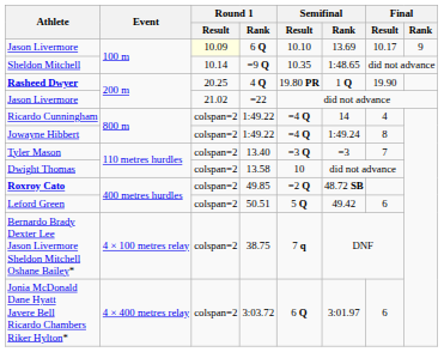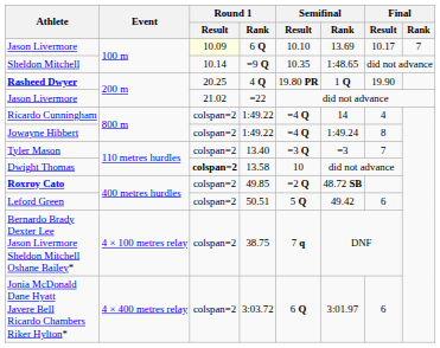 <table class=wikitable style="font-size:90%">
 <tr>
 <th rowspan="2">Athlete</th>
 <th rowspan="2">Event</th>
 <th colspan="2">Round 1</th>
 <th colspan="2">Semifinal</th>
 <th colspan="2">Final</th>
 </tr>
 <tr style="font-size:95%">
 <th>Result</th>
 <th>Rank</th>
 <th>Result</th>
 <th>Rank</th>
 <th>Result</th>
 <th>Rank</th>
 </tr>
 <tr align=center>
 <td align=left><a href='#'>Jason Livermore</a></td>
 <td align=left rowspan="2"><a href='#'>100 m</a></td>
 <td style="background: lightyellow;">10.09</td>
 <td>6 <strong>Q</strong></td>
 <td>10.10</td>
 <td>13.69</td>
 <td>10.17</td>
-<td>9</td>
+<td>7</td>
 </tr>
 <tr align=center>
 <td align=left><a href='#'>Sheldon Mitchell</a></td>
 <td>10.14</td>
 <td>=9 <strong>Q</strong></td>
 <td>10.35</td>
 <td>1:48.65</td>
 <td colspan=2>did not advance</td>
 </tr>
 <tr align=center>
 <td align=left><strong><a href='#'>Rasheed Dwyer</a></strong></td>
 <td align=left rowspan="2"><a href='#'>200 m</a></td>
 <td>20.25</td>
 <td>4 <strong>Q</strong></td>
 <td>19.80 <strong>PR</strong></td>
 <td>1 <strong>Q</strong></td>
 <td>19.90</td>
 <td></td>
 </tr>
 <tr align=center>
 <td align=left><a href='#'>Jason Livermore</a></td>
 <td>21.02</td>
 <td>=22</td>
 <td colspan=4>did not advance</td>
 </tr>
 <tr align=center>
 <td align=left><a href='#'>Ricardo Cunningham</a></td>
 <td align=left rowspan="2"><a href='#'>800 m</a></td>
 <td>colspan=2 </td>
 <td>1:49.22</td>
 <td>=4 <strong>Q</strong></td>
 <td>14</td>
 <td>4</td>
 </tr>
 <tr align=center>
 <td align=left><a href='#'>Jowayne Hibbert</a></td>
 <td>colspan=2 </td>
 <td>1:49.22</td>
 <td>=4 <strong>Q</strong></td>
 <td>1:49.24</td>
 <td>8</td>
 </tr>
 <tr align=center>
 <td align=left><a href='#'>Tyler Mason</a></td>
 <td align=left rowspan="2"><a href='#'>110 metres hurdles</a></td>
 <td>colspan=2 </td>
 <td>13.40</td>
 <td>=3 <strong>Q</strong></td>
 <td>=3</td>
 <td>7</td>
 </tr>
 <tr align=center>
 <td align=left><a href='#'>Dwight Thomas</a></td>
-<td>colspan=2 </td>
+<td><strong>colspan=2 </strong></td>
 <td>13.58</td>
 <td>10</td>
 <td colspan=2>did not advance</td>
 </tr>
 <tr align=center>
 <td align=left><strong><a href='#'>Roxroy Cato</a></strong></td>
 <td align=left rowspan="2"><a href='#'>400 metres hurdles</a></td>
 <td>colspan=2 </td>
 <td>49.85</td>
 <td>=2 <strong>Q</strong></td>
 <td>48.72 <strong>SB</strong></td>
 <td></td>
 </tr>
 <tr align=center>
 <td align=left><a href='#'>Leford Green</a></td>
 <td>colspan=2 </td>
 <td>50.51</td>
 <td>5 <strong>Q</strong></td>
 <td>49.42</td>
 <td>6</td>
 </tr>
 <tr align=center>
 <td align=left><a href='#'>Bernardo Brady</a><br><a href='#'>Dexter Lee</a><br><a href='#'>Jason Livermore</a><br><a href='#'>Sheldon Mitchell</a><br><a href='#'>Oshane Bailey</a>*</td>
 <td align=left><a href='#'>4 × 100 metres relay</a></td>
 <td>colspan=2 </td>
 <td>38.75</td>
 <td>7 <strong>q</strong></td>
 <td colspan=2>DNF</td>
 </tr>
 <tr align=center>
 <td align=left><a href='#'>Jonia McDonald</a><br><a href='#'>Dane Hyatt</a><br><a href='#'>Javere Bell</a><br><a href='#'>Ricardo Chambers</a><br><a href='#'>Riker Hylton</a>*</td>
 <td align=left><a href='#'>4 × 400 metres relay</a></td>
 <td>colspan=2 </td>
 <td>3:03.72</td>
 <td>6 <strong>Q</strong></td>
 <td>3:01.97</td>
 <td>6</td>
 </tr>
 </table>
